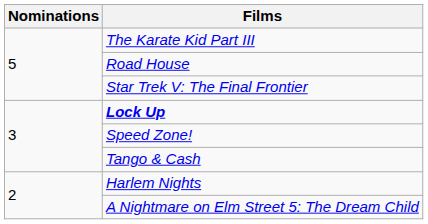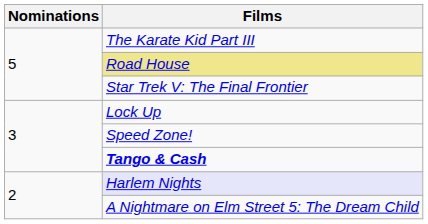 <table class="wikitable">
 <tr>
 <th>Nominations</th>
 <th>Films</th>
 </tr>
 <tr>
 <td rowspan="3">5</td>
 <td><em><a href='#'>The Karate Kid Part III</a></em></td>
 </tr>
 <tr>
-<td><a href='#'><em>Road House</em></a></td>
+<td style="background: khaki;"><a href='#'><em>Road House</em></a></td>
 </tr>
 <tr>
 <td><em><a href='#'>Star Trek V: The Final Frontier</a></em></td>
 </tr>
 <tr>
 <td rowspan="3">3</td>
-<td><strong><a href='#'><em>Lock Up</em></a></strong></td>
+<td><a href='#'><em>Lock Up</em></a></td>
 </tr>
 <tr>
 <td><a href='#'><em>Speed Zone!</em></a></td>
 </tr>
 <tr>
-<td><em><a href='#'>Tango & Cash</a></em></td>
+<td><strong><em><a href='#'>Tango & Cash</a></em></strong></td>
 </tr>
 <tr>
 <td rowspan="2">2</td>
-<td><em><a href='#'>Harlem Nights</a></em></td>
+<td style="background: lavender;"><em><a href='#'>Harlem Nights</a></em></td>
 </tr>
 <tr>
 <td><em><a href='#'>A Nightmare on Elm Street 5: The Dream Child</a></em></td>
 </tr>
 </table>
